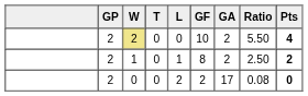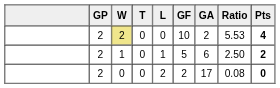 <table border=1 cellpadding=5 cellspacing=0>
 <tr>
 <th bgcolor="#efefef" width="120">　</th>
 <th bgcolor="#efefef" width="20">GP</th>
 <th bgcolor="#efefef" width="20">W</th>
 <th bgcolor="#efefef" width="20">T</th>
 <th bgcolor="#efefef" width="20">L</th>
 <th bgcolor="#efefef" width="20">GF</th>
 <th bgcolor="#efefef" width="20">GA</th>
 <th bgcolor="#efefef" width="20">Ratio</th>
 <th bgcolor="#efefef" width="20">Pts</th>
 </tr>
 <tr align=center>
 <td align=left><strong></strong></td>
 <td>2</td>
 <td style="background: khaki;">2</td>
 <td>0</td>
 <td>0</td>
 <td>10</td>
 <td>2</td>
-<td>5.50</td>
+<td>5.53</td>
 <td><strong>4</strong></td>
 </tr>
 <tr align=center>
 <td align=left><strong></strong></td>
 <td>2</td>
 <td>1</td>
 <td>0</td>
 <td>1</td>
-<td>8</td>
-<td>2</td>
+<td>5</td>
+<td>6</td>
 <td>2.50</td>
 <td><strong>2</strong></td>
 </tr>
 <tr align=center>
 <td align=left></td>
 <td>2</td>
 <td>0</td>
 <td>0</td>
 <td>2</td>
 <td>2</td>
 <td>17</td>
 <td>0.08</td>
 <td><strong>0</strong></td>
 </tr>
 </table>
